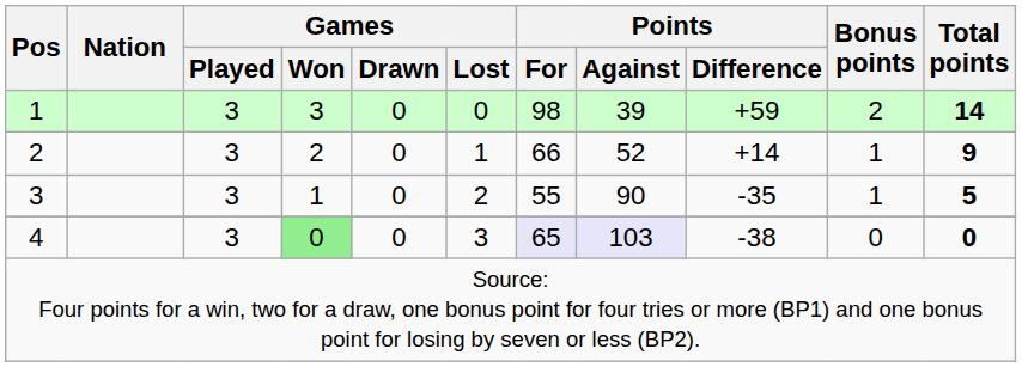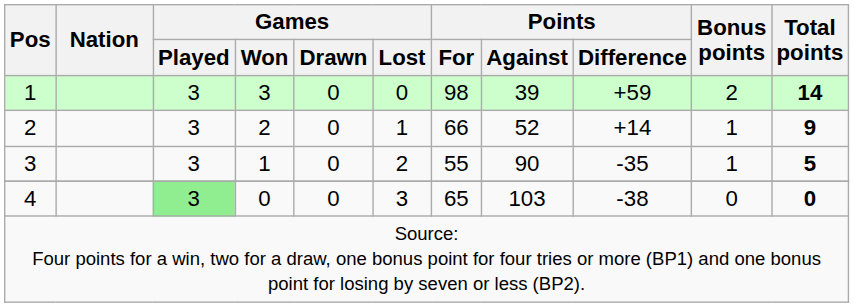 <table class="wikitable" style="text-align:center">
 <tr>
 <th rowspan="2" style="width:5%;">Pos</th>
 <th rowspan="2" style="width:22%;">Nation</th>
 <th colspan="4" style="width:32%;">Games</th>
 <th colspan="3" style="width:32%;">Points</th>
 <th rowspan="2" style="width:9%;">Bonus<br>points</th>
 <th rowspan="2" style="width:9%;">Total<br>points</th>
 </tr>
 <tr>
 <th style="width:8%;">Played</th>
 <th style="width:8%;">Won</th>
 <th style="width:8%;">Drawn</th>
 <th style="width:8%;">Lost</th>
 <th style="width:8%;">For</th>
 <th style="width:8%;">Against</th>
 <th style="width:8%;">Difference</th>
 </tr>
 <tr bgcolor="#ccffcc">
 <td>1</td>
 <td align="left"></td>
 <td>3</td>
 <td>3</td>
 <td>0</td>
 <td>0</td>
 <td>98</td>
 <td>39</td>
 <td>+59</td>
 <td>2</td>
 <td><strong>14</strong></td>
 </tr>
 <tr>
 <td>2</td>
 <td align="left"></td>
 <td>3</td>
 <td>2</td>
 <td>0</td>
 <td>1</td>
 <td>66</td>
 <td>52</td>
 <td>+14</td>
 <td>1</td>
 <td><strong>9</strong></td>
 </tr>
 <tr>
 <td>3</td>
 <td align="left"></td>
 <td>3</td>
 <td>1</td>
 <td>0</td>
 <td>2</td>
 <td>55</td>
 <td>90</td>
 <td>-35</td>
 <td>1</td>
 <td><strong>5</strong></td>
 </tr>
 <tr>
 </tr>
 <tr>
 <td>4</td>
 <td align="left"></td>
-<td>3</td>
-<td style="background: lightgreen;">0</td>
+<td style="background: lightgreen;">3</td>
+<td>0</td>
 <td>0</td>
 <td>3</td>
-<td style="background: lavender;">65</td>
-<td style="background: lavender;">103</td>
+<td>65</td>
+<td>103</td>
 <td>-38</td>
 <td>0</td>
 <td><strong>0</strong></td>
 </tr>
 <tr>
 <td colspan="100%" style="text-align:center;"><small>Source:  <br>Four points for a win, two for a draw, one bonus point for four tries or more (BP1) and one bonus point for losing by seven or less (BP2).</small></td>
 </tr>
 </table>
